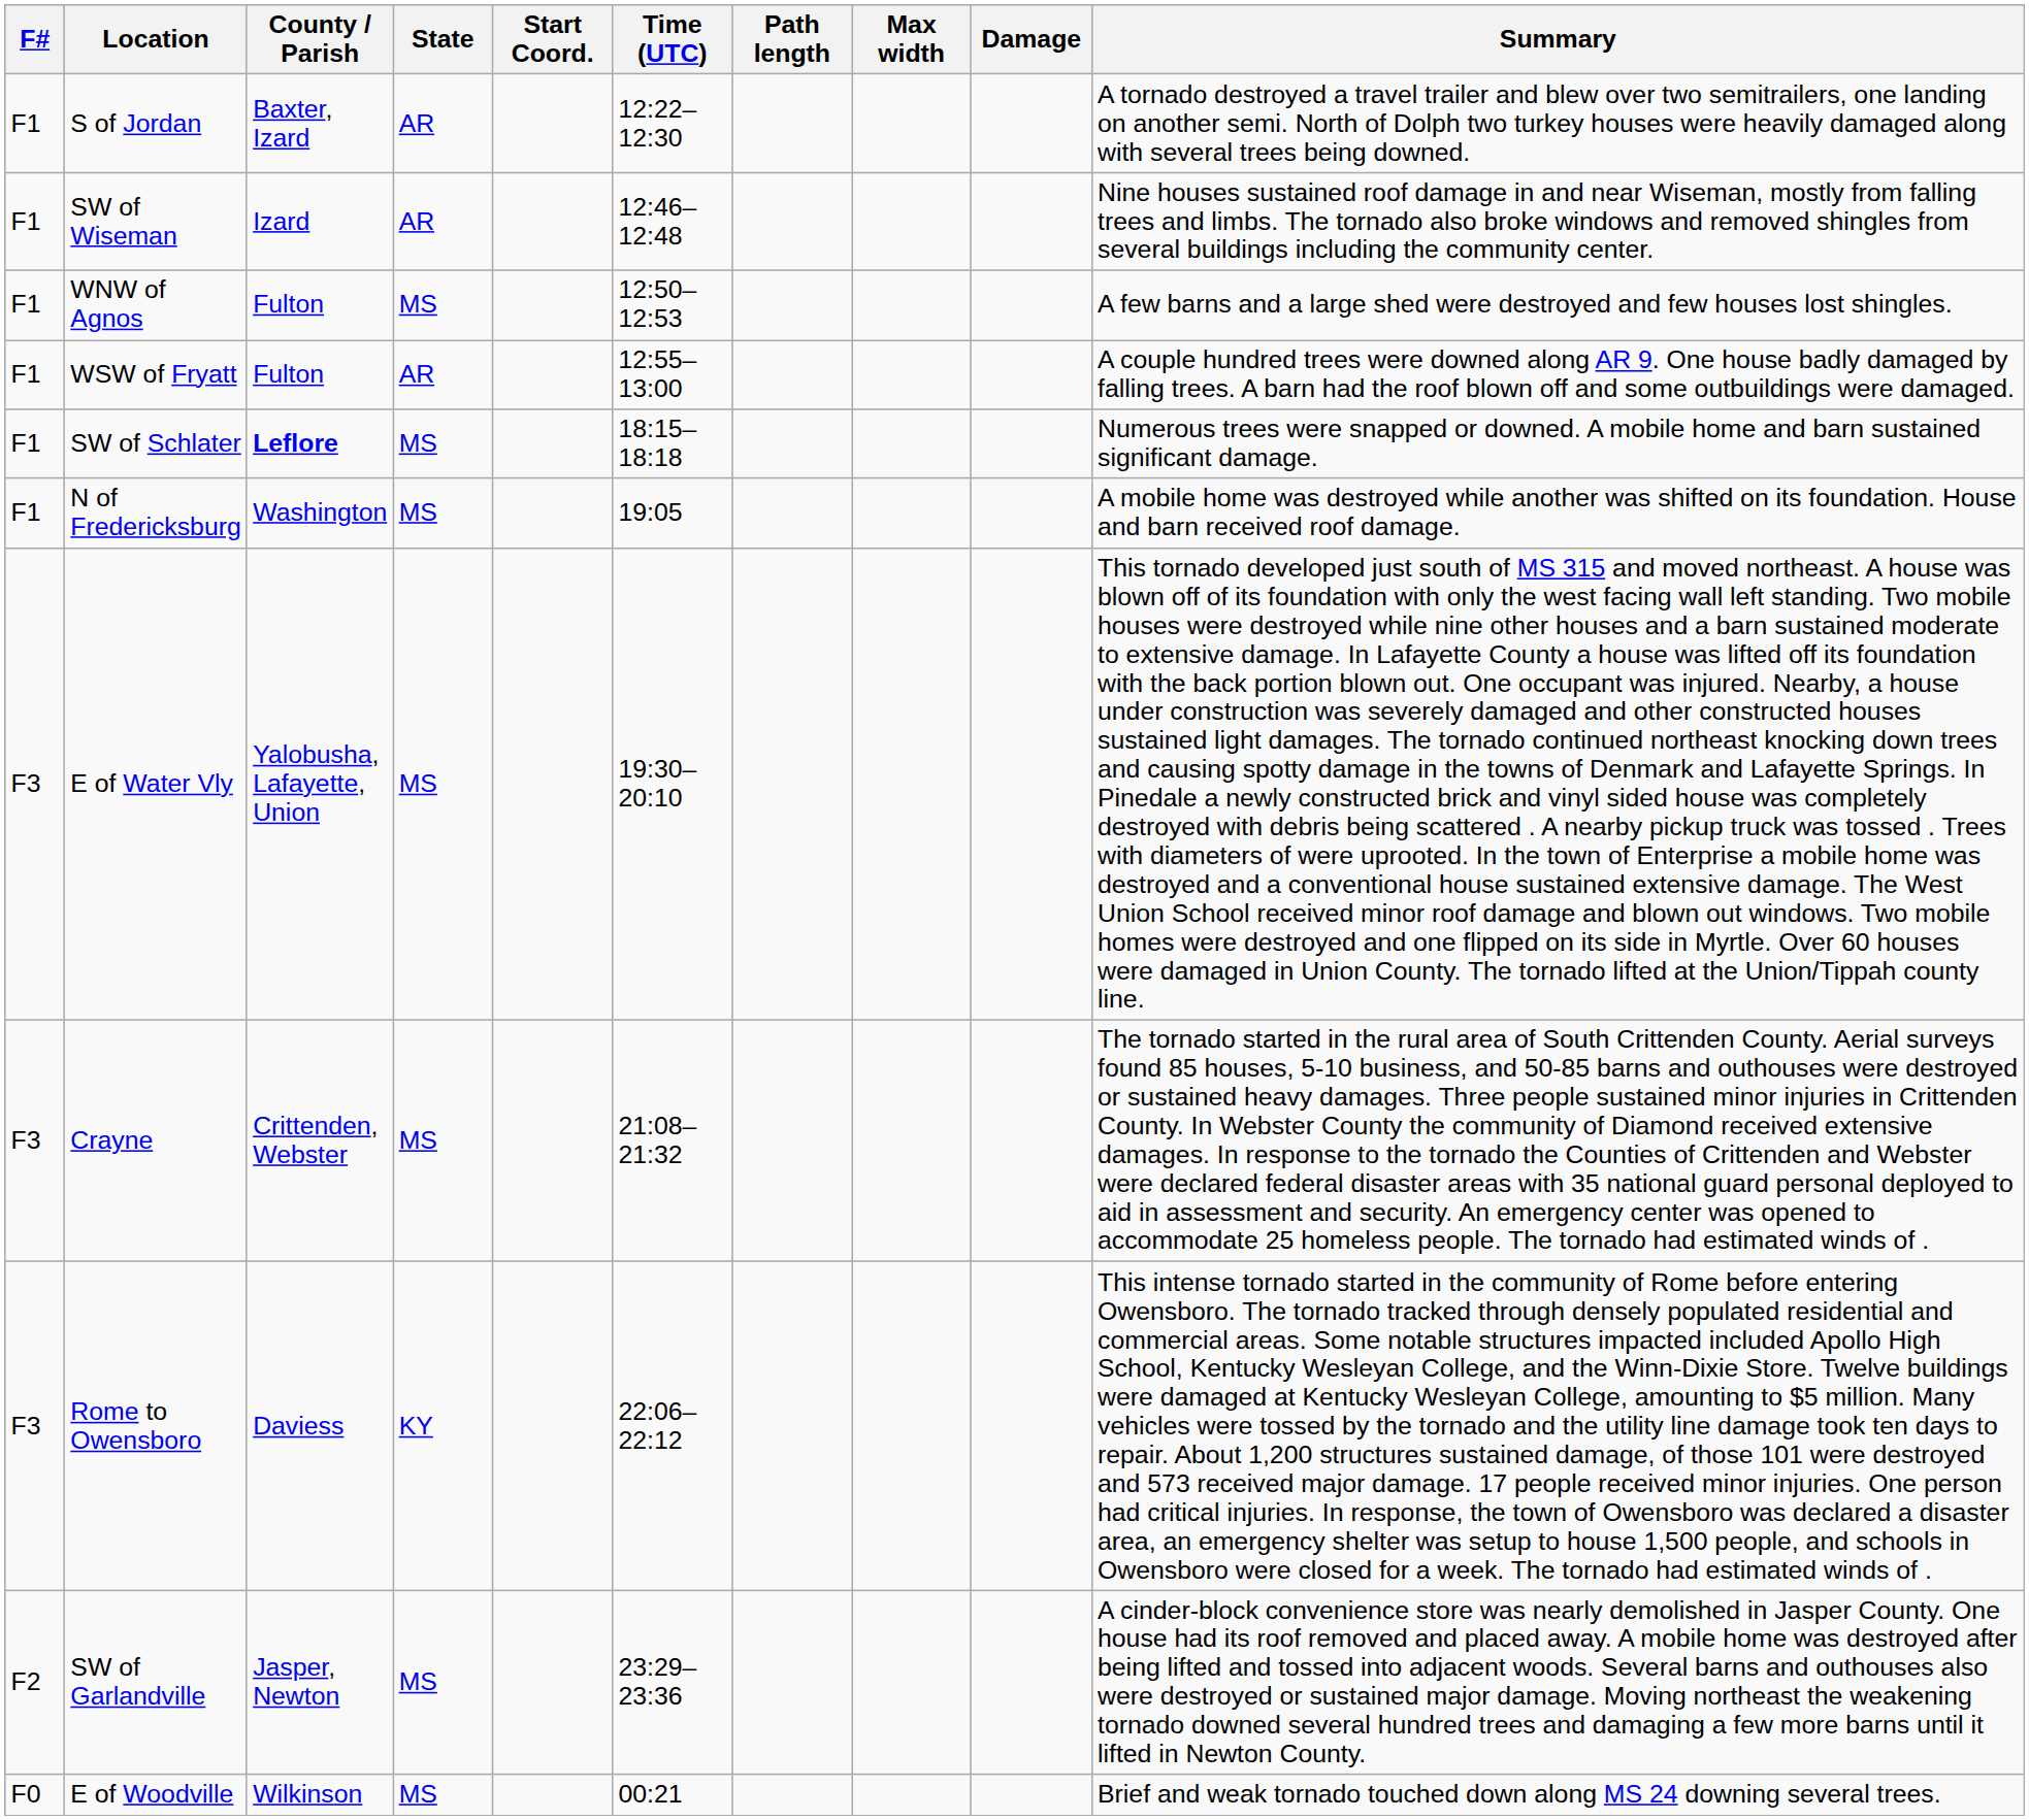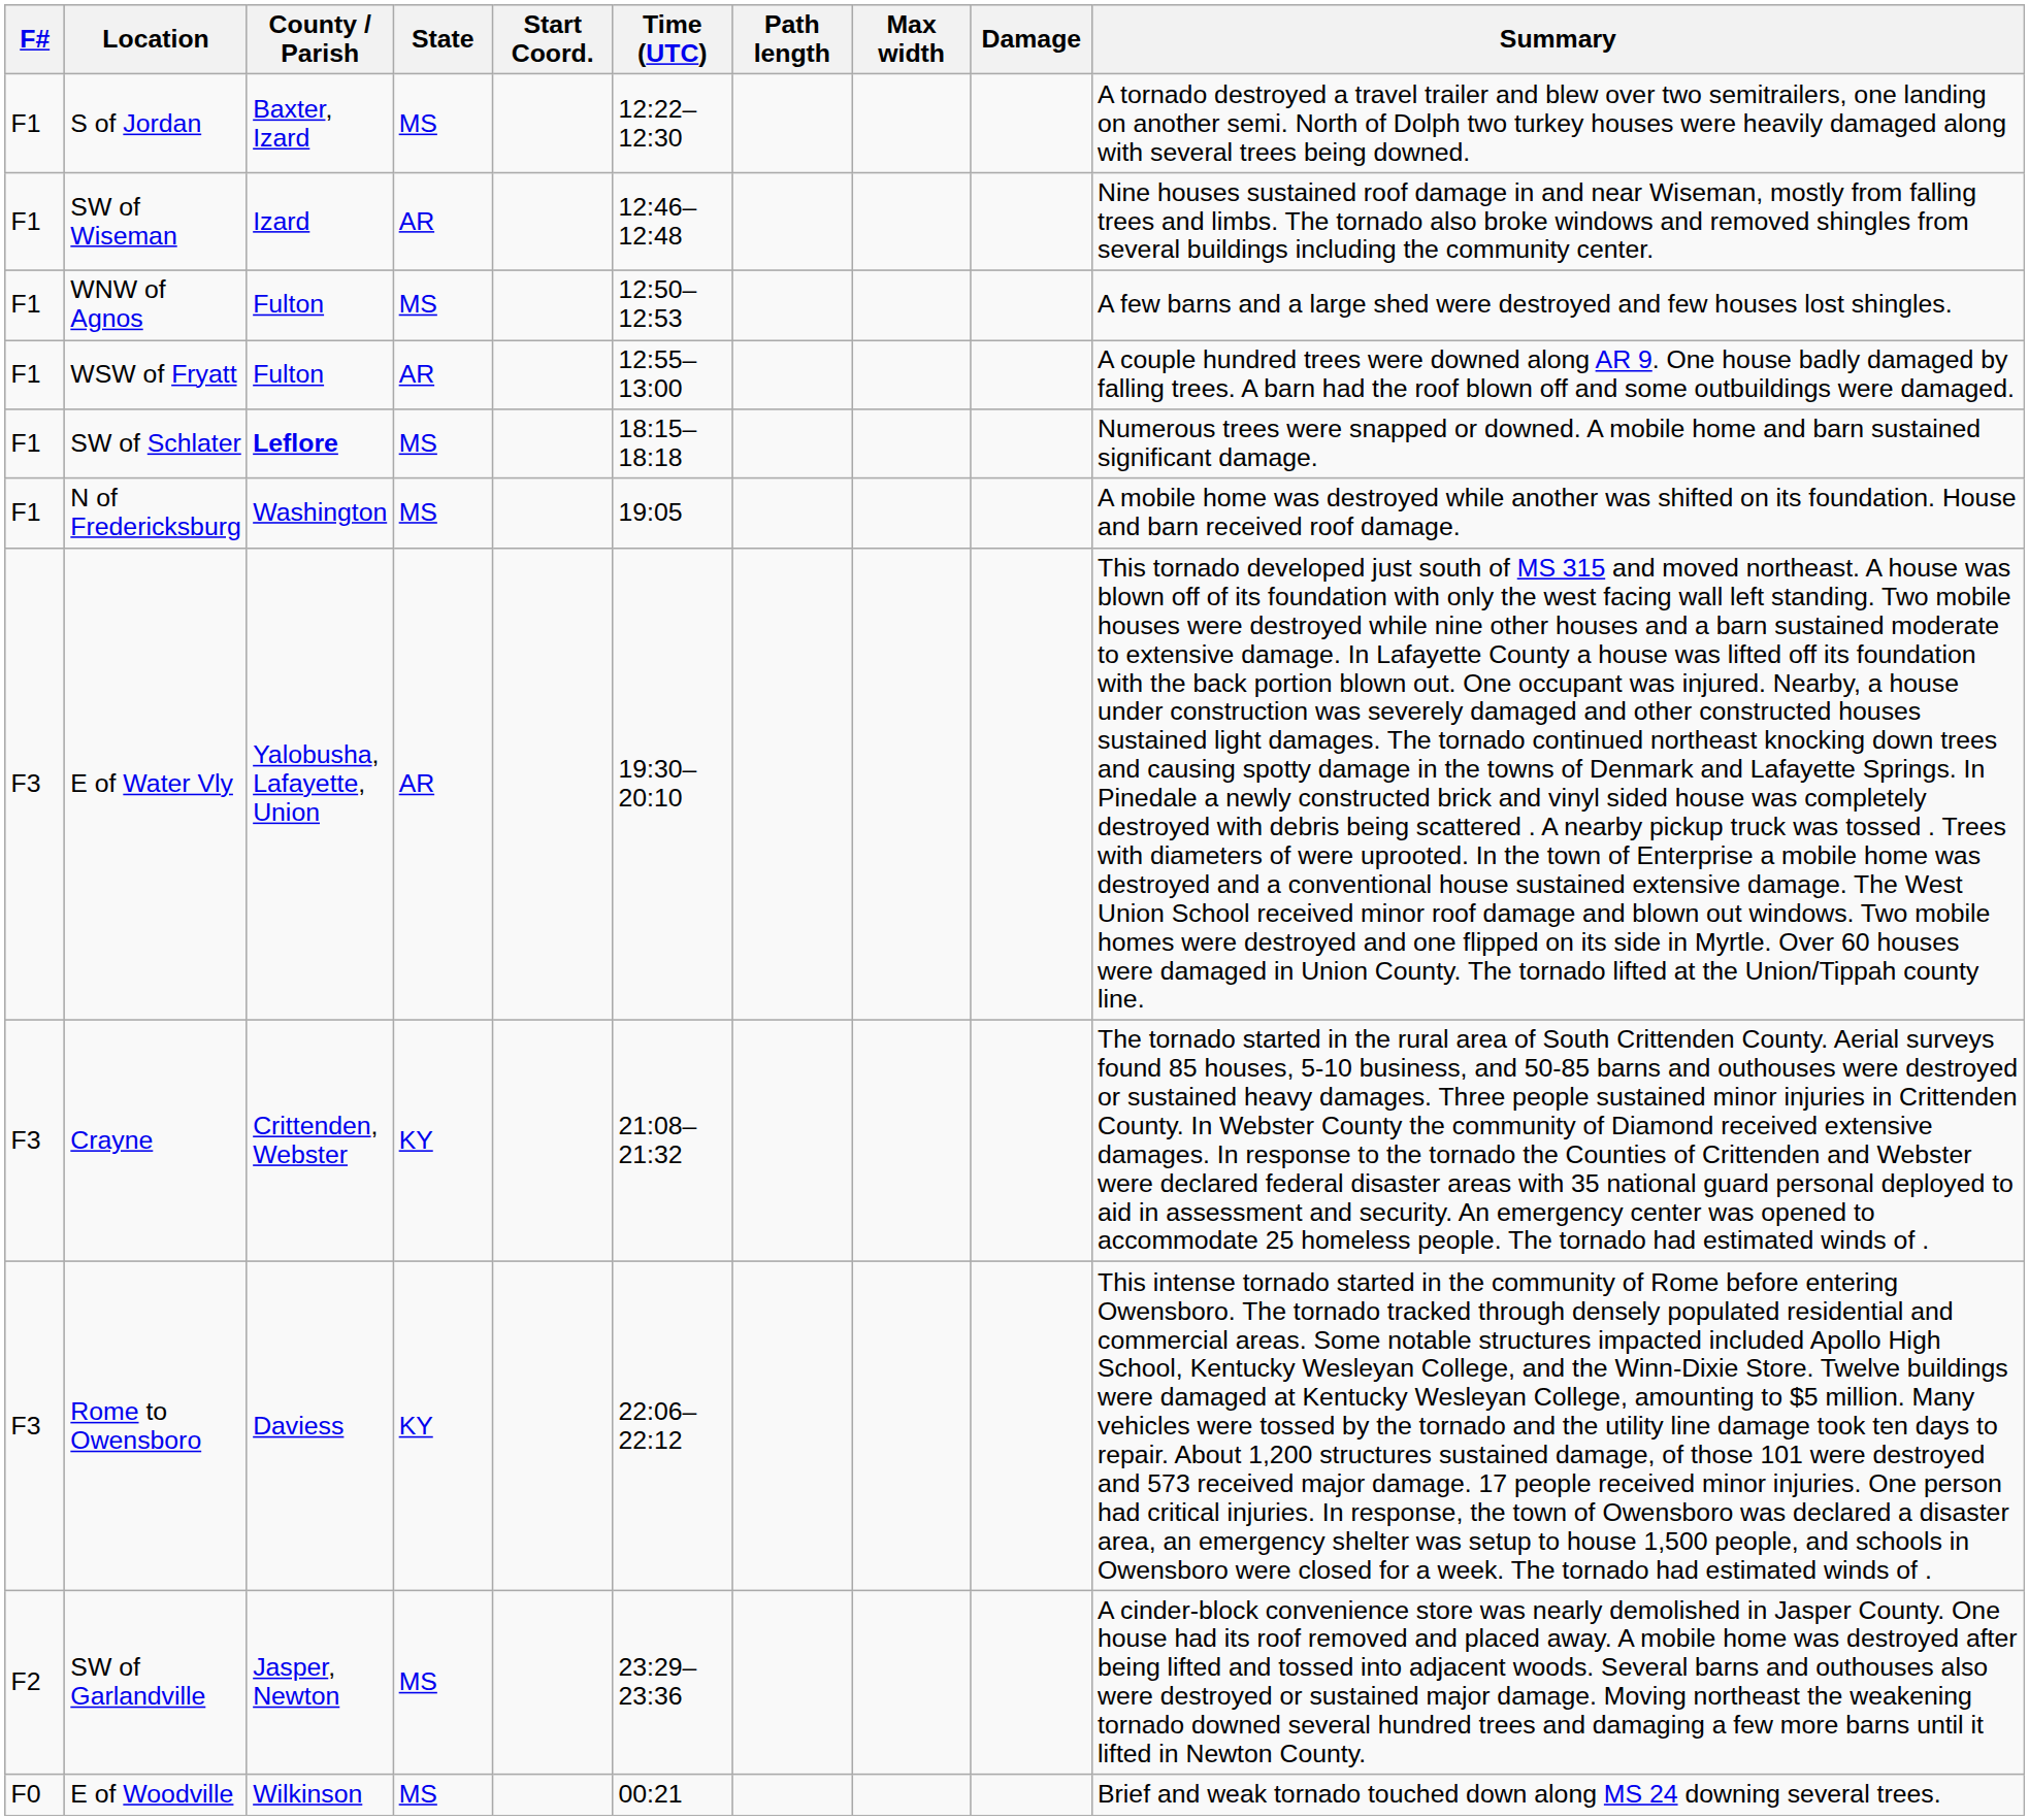 <table class="wikitable sortable" style="width:100%;">
 <tr>
 <th scope="col"  style="width:3%; text-align:center;"><a href='#'>F#</a></th>
 <th scope="col"  style="width:7%; text-align:center;" class="unsortable">Location</th>
 <th scope="col"  style="width:6%; text-align:center;" class="unsortable">County / Parish</th>
 <th scope="col"  style="width:5%; text-align:center;">State</th>
 <th scope="col"  style="width:6%; text-align:center;">Start Coord.</th>
 <th scope="col"  style="width:6%; text-align:center;">Time (<a href='#'>UTC</a>)</th>
 <th scope="col"  style="width:6%; text-align:center;">Path length</th>
 <th scope="col"  style="width:6%; text-align:center;">Max width</th>
 <th scope="col"  style="width:6%; text-align:center;">Damage</th>
 <th scope="col" class="unsortable" style="width:48%; text-align:center;">Summary</th>
 </tr>
 <tr>
 <td>F1</td>
 <td>S of <a href='#'>Jordan</a></td>
 <td><a href='#'>Baxter</a>, <a href='#'>Izard</a></td>
-<td><a href='#'>AR</a></td>
+<td><a href='#'>MS</a></td>
 <td></td>
 <td>12:22–12:30</td>
 <td></td>
 <td></td>
 <td></td>
 <td>A tornado destroyed a travel trailer and blew over two semitrailers, one landing on another semi. North of Dolph two turkey houses were heavily damaged along with several trees being downed.</td>
 </tr>
 <tr>
 <td>F1</td>
 <td>SW of <a href='#'>Wiseman</a></td>
 <td><a href='#'>Izard</a></td>
 <td><a href='#'>AR</a></td>
 <td></td>
 <td>12:46–12:48</td>
 <td></td>
 <td></td>
 <td></td>
 <td>Nine houses sustained roof damage in and near Wiseman, mostly from falling trees and limbs. The tornado also broke windows and removed shingles from several buildings including the community center.</td>
 </tr>
 <tr>
 <td>F1</td>
 <td>WNW of <a href='#'>Agnos</a></td>
 <td><a href='#'>Fulton</a></td>
 <td><a href='#'>MS</a></td>
 <td></td>
 <td>12:50–12:53</td>
 <td></td>
 <td></td>
 <td></td>
 <td>A few barns and a large shed were destroyed and few houses lost shingles.</td>
 </tr>
 <tr>
 <td>F1</td>
 <td>WSW of <a href='#'>Fryatt</a></td>
 <td><a href='#'>Fulton</a></td>
 <td><a href='#'>AR</a></td>
 <td></td>
 <td>12:55–13:00</td>
 <td></td>
 <td></td>
 <td></td>
 <td>A couple hundred trees were downed along <a href='#'>AR 9</a>. One house badly damaged by falling trees. A barn had the roof blown off and some outbuildings were damaged.</td>
 </tr>
 <tr>
 <td>F1</td>
 <td>SW of <a href='#'>Schlater</a></td>
 <td><strong><a href='#'>Leflore</a></strong></td>
 <td><a href='#'>MS</a></td>
 <td></td>
 <td>18:15–18:18</td>
 <td></td>
 <td></td>
 <td></td>
 <td>Numerous trees were snapped or downed. A mobile home and barn sustained significant damage.</td>
 </tr>
 <tr>
 <td>F1</td>
 <td>N of <a href='#'>Fredericksburg</a></td>
 <td><a href='#'>Washington</a></td>
 <td><a href='#'>MS</a></td>
 <td></td>
 <td>19:05</td>
 <td></td>
 <td></td>
 <td></td>
 <td>A mobile home was destroyed while another was shifted on its foundation. House and barn received roof damage.</td>
 </tr>
 <tr>
 <td>F3</td>
 <td>E of <a href='#'>Water Vly</a></td>
 <td><a href='#'>Yalobusha</a>, <a href='#'>Lafayette</a>, <a href='#'>Union</a></td>
-<td><a href='#'>MS</a></td>
+<td><a href='#'>AR</a></td>
 <td></td>
 <td>19:30–20:10</td>
 <td></td>
 <td></td>
 <td></td>
 <td>This tornado developed just south of <a href='#'>MS 315</a> and moved northeast. A house was blown  off of its foundation with only the west facing wall left standing. Two mobile houses were destroyed while nine other houses and a barn sustained moderate to extensive damage. In Lafayette County a house was lifted off its foundation with the back portion blown out. One occupant was injured. Nearby, a house under construction was severely damaged and other constructed houses sustained light damages. The tornado continued northeast knocking down trees and causing spotty damage in the towns of Denmark and Lafayette Springs. In Pinedale a newly constructed brick and vinyl sided house was completely destroyed with debris being scattered . A nearby pickup truck was tossed . Trees with diameters of  were uprooted. In the town of Enterprise a mobile home was destroyed and a conventional house sustained extensive damage. The West Union School received minor roof damage and blown out windows. Two mobile homes were destroyed and one flipped on its side in Myrtle. Over 60 houses were damaged in Union County. The tornado lifted at the Union/Tippah county line.</td>
 </tr>
 <tr>
 <td>F3</td>
 <td><a href='#'>Crayne</a></td>
 <td><a href='#'>Crittenden</a>, <a href='#'>Webster</a></td>
-<td><a href='#'>MS</a></td>
+<td><a href='#'>KY</a></td>
 <td></td>
 <td>21:08–21:32</td>
 <td></td>
 <td></td>
 <td></td>
 <td>The tornado started in the rural area of South Crittenden County. Aerial surveys found 85 houses, 5-10 business, and 50-85 barns and outhouses were destroyed or sustained heavy damages. Three people sustained minor injuries in Crittenden County. In Webster County the community of Diamond received extensive damages. In response to the tornado the Counties of Crittenden and Webster were declared federal disaster areas with 35 national guard personal deployed to aid in assessment and security. An emergency center was opened to accommodate 25 homeless people. The tornado had estimated winds of .</td>
 </tr>
 <tr>
 <td>F3</td>
 <td><a href='#'>Rome</a> to <a href='#'>Owensboro</a></td>
 <td><a href='#'>Daviess</a></td>
 <td><a href='#'>KY</a></td>
 <td></td>
 <td>22:06–22:12</td>
 <td></td>
 <td></td>
 <td></td>
 <td>This intense tornado started in the community of Rome before entering Owensboro. The tornado tracked through densely populated residential and commercial areas. Some notable structures impacted included Apollo High School, Kentucky Wesleyan College, and the Winn-Dixie Store. Twelve buildings were damaged at Kentucky Wesleyan College, amounting to $5 million. Many vehicles were tossed by the tornado and the utility line damage took ten days to repair. About 1,200 structures sustained damage, of those 101 were destroyed and 573 received major damage. 17 people received minor injuries. One person had critical injuries. In response, the town of Owensboro was declared a disaster area, an emergency shelter was setup to house 1,500 people, and schools in Owensboro were closed for a week. The tornado had estimated winds of .</td>
 </tr>
 <tr>
 <td>F2</td>
 <td>SW of <a href='#'>Garlandville</a></td>
 <td><a href='#'>Jasper</a>, <a href='#'>Newton</a></td>
 <td><a href='#'>MS</a></td>
 <td></td>
 <td>23:29–23:36</td>
 <td></td>
 <td></td>
 <td></td>
 <td>A cinder-block convenience store was nearly demolished in Jasper County. One house had its roof removed and placed  away. A mobile home was destroyed after being lifted and tossed  into adjacent woods. Several barns and outhouses also were destroyed or sustained major damage. Moving northeast the weakening tornado downed several hundred trees and damaging a few more barns until it lifted in Newton County.</td>
 </tr>
 <tr>
 <td>F0</td>
 <td>E of <a href='#'>Woodville</a></td>
 <td><a href='#'>Wilkinson</a></td>
 <td><a href='#'>MS</a></td>
 <td></td>
 <td>00:21</td>
 <td></td>
 <td></td>
 <td></td>
 <td>Brief and weak tornado touched down along <a href='#'>MS 24</a> downing several trees.</td>
 </tr>
 <tr>
 </tr>
 </table>
